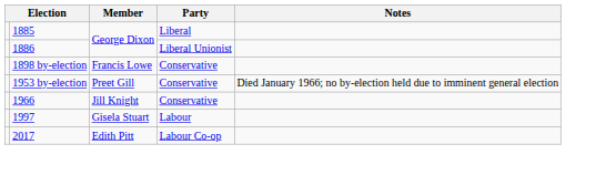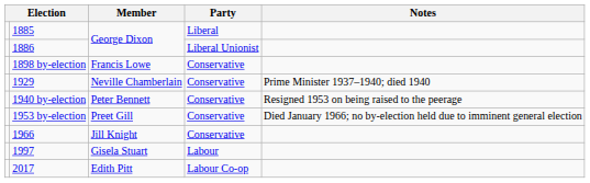 <table class="wikitable">
 <tr>
 <th colspan="2">Election</th>
 <th>Member</th>
 <th>Party</th>
 <th>Notes</th>
 </tr>
 <tr>
 <td style="color:inherit;background-color: "></td>
 <td><a href='#'>1885</a></td>
 <td rowspan="2"><a href='#'>George Dixon</a></td>
 <td><a href='#'>Liberal</a></td>
 <td></td>
 </tr>
 <tr>
 <td style="color:inherit;background-color: "></td>
 <td><a href='#'>1886</a></td>
 <td><a href='#'>Liberal Unionist</a></td>
 <td></td>
 </tr>
 <tr>
 <td style="color:inherit;background-color: "></td>
 <td><a href='#'>1898 by-election</a></td>
 <td><a href='#'>Francis Lowe</a></td>
 <td><a href='#'>Conservative</a></td>
 <td></td>
+</tr>
+<tr>
+<td style="color:inherit;background-color: "></td>
+<td><a href='#'>1929</a></td>
+<td><a href='#'>Neville Chamberlain</a></td>
+<td><a href='#'>Conservative</a></td>
+<td>Prime Minister 1937–1940; died 1940</td>
+</tr>
+<tr>
+<td style="color:inherit;background-color: "></td>
+<td><a href='#'>1940 by-election</a></td>
+<td><a href='#'>Peter Bennett</a></td>
+<td><a href='#'>Conservative</a></td>
+<td>Resigned 1953 on being raised to the peerage</td>
 </tr>
 <tr>
 <td style="color:inherit;background-color: "></td>
 <td><a href='#'>1953 by-election</a></td>
 <td><a href='#'>Preet Gill</a></td>
 <td><a href='#'>Conservative</a></td>
 <td>Died January 1966; no by-election held due to imminent general election</td>
 </tr>
 <tr>
 <td style="color:inherit;background-color: "></td>
 <td><a href='#'>1966</a></td>
 <td><a href='#'>Jill Knight</a></td>
 <td><a href='#'>Conservative</a></td>
 <td></td>
 </tr>
 <tr>
 <td style="color:inherit;background-color: "></td>
 <td><a href='#'>1997</a></td>
 <td><a href='#'>Gisela Stuart</a></td>
 <td><a href='#'>Labour</a></td>
 <td></td>
 </tr>
 <tr>
 <td style="color:inherit;background-color: "></td>
 <td><a href='#'>2017</a></td>
 <td><a href='#'>Edith Pitt</a></td>
 <td><a href='#'>Labour Co-op</a></td>
 <td></td>
 </tr>
 </table>
